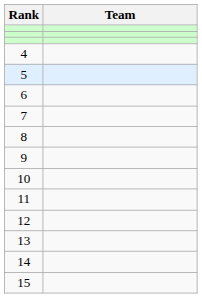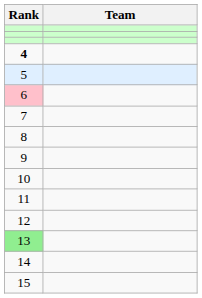 <table class="wikitable" style="text-align:center;">
 <tr>
 <th width=40>Rank</th>
 <th width=180>Team</th>
 </tr>
 <tr bgcolor=#ccffcc>
 <td></td>
 <td style="text-align:left;"></td>
 </tr>
 <tr bgcolor=#ccffcc>
 <td></td>
 <td style="text-align:left;"></td>
 </tr>
 <tr bgcolor=#ccffcc>
 <td></td>
 <td style="text-align:left;"></td>
 </tr>
 <tr>
-<td>4</td>
+<td><strong>4</strong></td>
 <td style="text-align:left;"></td>
 </tr>
 <tr bgcolor=#dfefff>
 <td>5</td>
 <td style="text-align:left;"></td>
 </tr>
 <tr>
-<td>6</td>
+<td style="background: pink;">6</td>
 <td style="text-align:left;"></td>
 </tr>
 <tr>
 <td>7</td>
 <td style="text-align:left;"></td>
 </tr>
 <tr>
 <td>8</td>
 <td style="text-align:left;"></td>
 </tr>
 <tr>
 <td>9</td>
 <td style="text-align:left;"></td>
 </tr>
 <tr>
 <td>10</td>
 <td style="text-align:left;"></td>
 </tr>
 <tr>
 <td>11</td>
 <td style="text-align:left;"></td>
 </tr>
 <tr>
 <td>12</td>
 <td style="text-align:left;"></td>
 </tr>
 <tr>
-<td>13</td>
+<td style="background: lightgreen;">13</td>
 <td style="text-align:left;"></td>
 </tr>
 <tr>
 <td>14</td>
 <td style="text-align:left;"></td>
 </tr>
 <tr>
 <td>15</td>
 <td style="text-align:left;"></td>
 </tr>
 </table>
